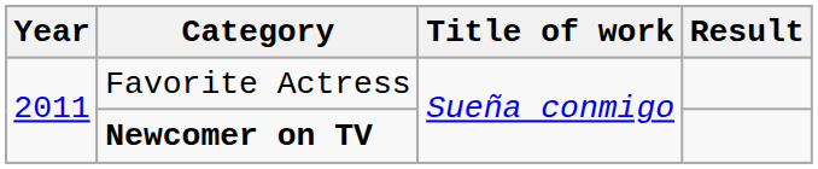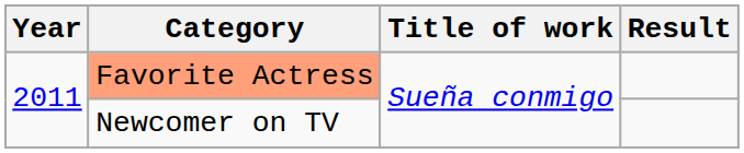 <table class="wikitable plainrowheaders sortable">
 <tr>
 <th scope="col">Year</th>
 <th scope="col">Category</th>
 <th scope="col">Title of work</th>
 <th scope="col">Result</th>
 </tr>
 <tr>
 <td rowspan=2><a href='#'>2011</a></td>
-<td>Favorite Actress</td>
+<td style="background: lightsalmon;">Favorite Actress</td>
 <td rowspan=2 style="text-align:center;"><em><a href='#'>Sueña conmigo</a></em></td>
 <td></td>
 </tr>
 <tr>
-<td><strong>Newcomer on TV</strong></td>
+<td>Newcomer on TV</td>
 <td></td>
 </tr>
 </table>
